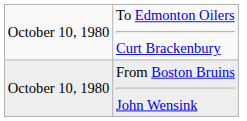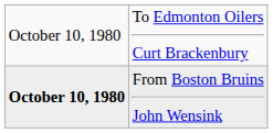 <table class="wikitable">
 <tr>
 <td>October 10, 1980</td>
 <td valign="top">To <a href='#'>Edmonton Oilers</a><hr><a href='#'>Curt Brackenbury</a></td>
 </tr>
 <tr style="background:#eee;">
-<td>October 10, 1980</td>
+<td><strong>October 10, 1980</strong></td>
 <td valign="top">From <a href='#'>Boston Bruins</a><hr><a href='#'>John Wensink</a></td>
 </tr>
 </table>
